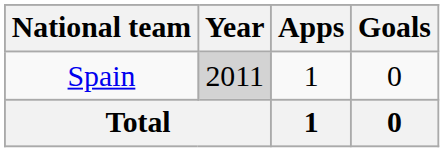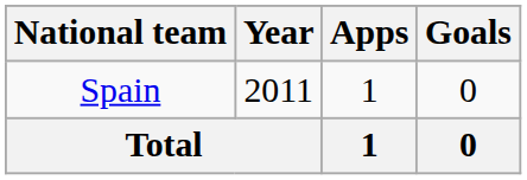 <table class=wikitable style="text-align:center">
 <tr>
 <th>National team</th>
 <th>Year</th>
 <th>Apps</th>
 <th>Goals</th>
 </tr>
 <tr>
 <td><a href='#'>Spain</a></td>
-<td style="background: lightgrey;">2011</td>
+<td>2011</td>
 <td>1</td>
 <td>0</td>
 </tr>
 <tr>
 <th colspan="2">Total</th>
 <th>1</th>
 <th>0</th>
 </tr>
 </table>
